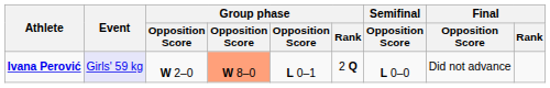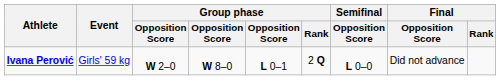 <table class="wikitable" style="font-size:90%">
 <tr>
 <th rowspan="2">Athlete</th>
 <th rowspan="2">Event</th>
 <th colspan="4">Group phase</th>
 <th>Semifinal</th>
 <th colspan=2>Final</th>
 </tr>
 <tr style="font-size:95%">
 <th>Opposition <br> Score</th>
 <th>Opposition <br> Score</th>
 <th>Opposition <br> Score</th>
 <th>Rank</th>
 <th>Opposition <br> Score</th>
 <th>Opposition <br> Score</th>
 <th>Rank</th>
 </tr>
 <tr align=center>
 <td align=left><strong><a href='#'>Ivana Perović</a></strong></td>
-<td align=left style="background: lavender;"><a href='#'>Girls' 59 kg</a></td>
+<td align=left><a href='#'>Girls' 59 kg</a></td>
 <td><br> <strong>W</strong> 2–0</td>
-<td style="background: lightsalmon;"><br><strong>W</strong> 8–0</td>
+<td><br><strong>W</strong> 8–0</td>
 <td><br><strong>L</strong> 0–1</td>
 <td>2 <strong>Q</strong></td>
 <td><br><strong>L</strong> 0–0</td>
 <td>Did not advance</td>
 <td></td>
 </tr>
 </table>
